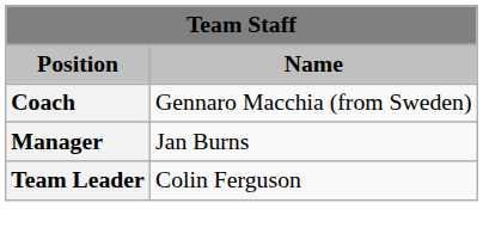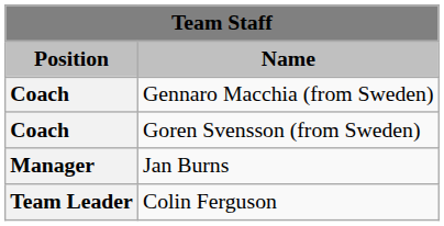 <table class="wikitable" style="text-align:left; font-size:90%;">
 <tr>
 <th style=background:grey colspan=2>Team Staff</th>
 </tr>
 <tr>
 <th style="background:silver;">Position</th>
 <th style="background:silver;">Name</th>
 </tr>
 <tr>
 <th style="text-align:left;">Coach</th>
 <td> Gennaro Macchia (from Sweden)</td>
 </tr>
 <tr>
+<th style="text-align:left;">Coach</th>
+<td> Goren Svensson (from Sweden)</td>
+</tr>
+<tr>
 <th style="text-align:left;">Manager</th>
 <td>Jan Burns</td>
 </tr>
 <tr>
 <th style="text-align:left;">Team Leader</th>
 <td>Colin Ferguson</td>
 </tr>
 </table>
